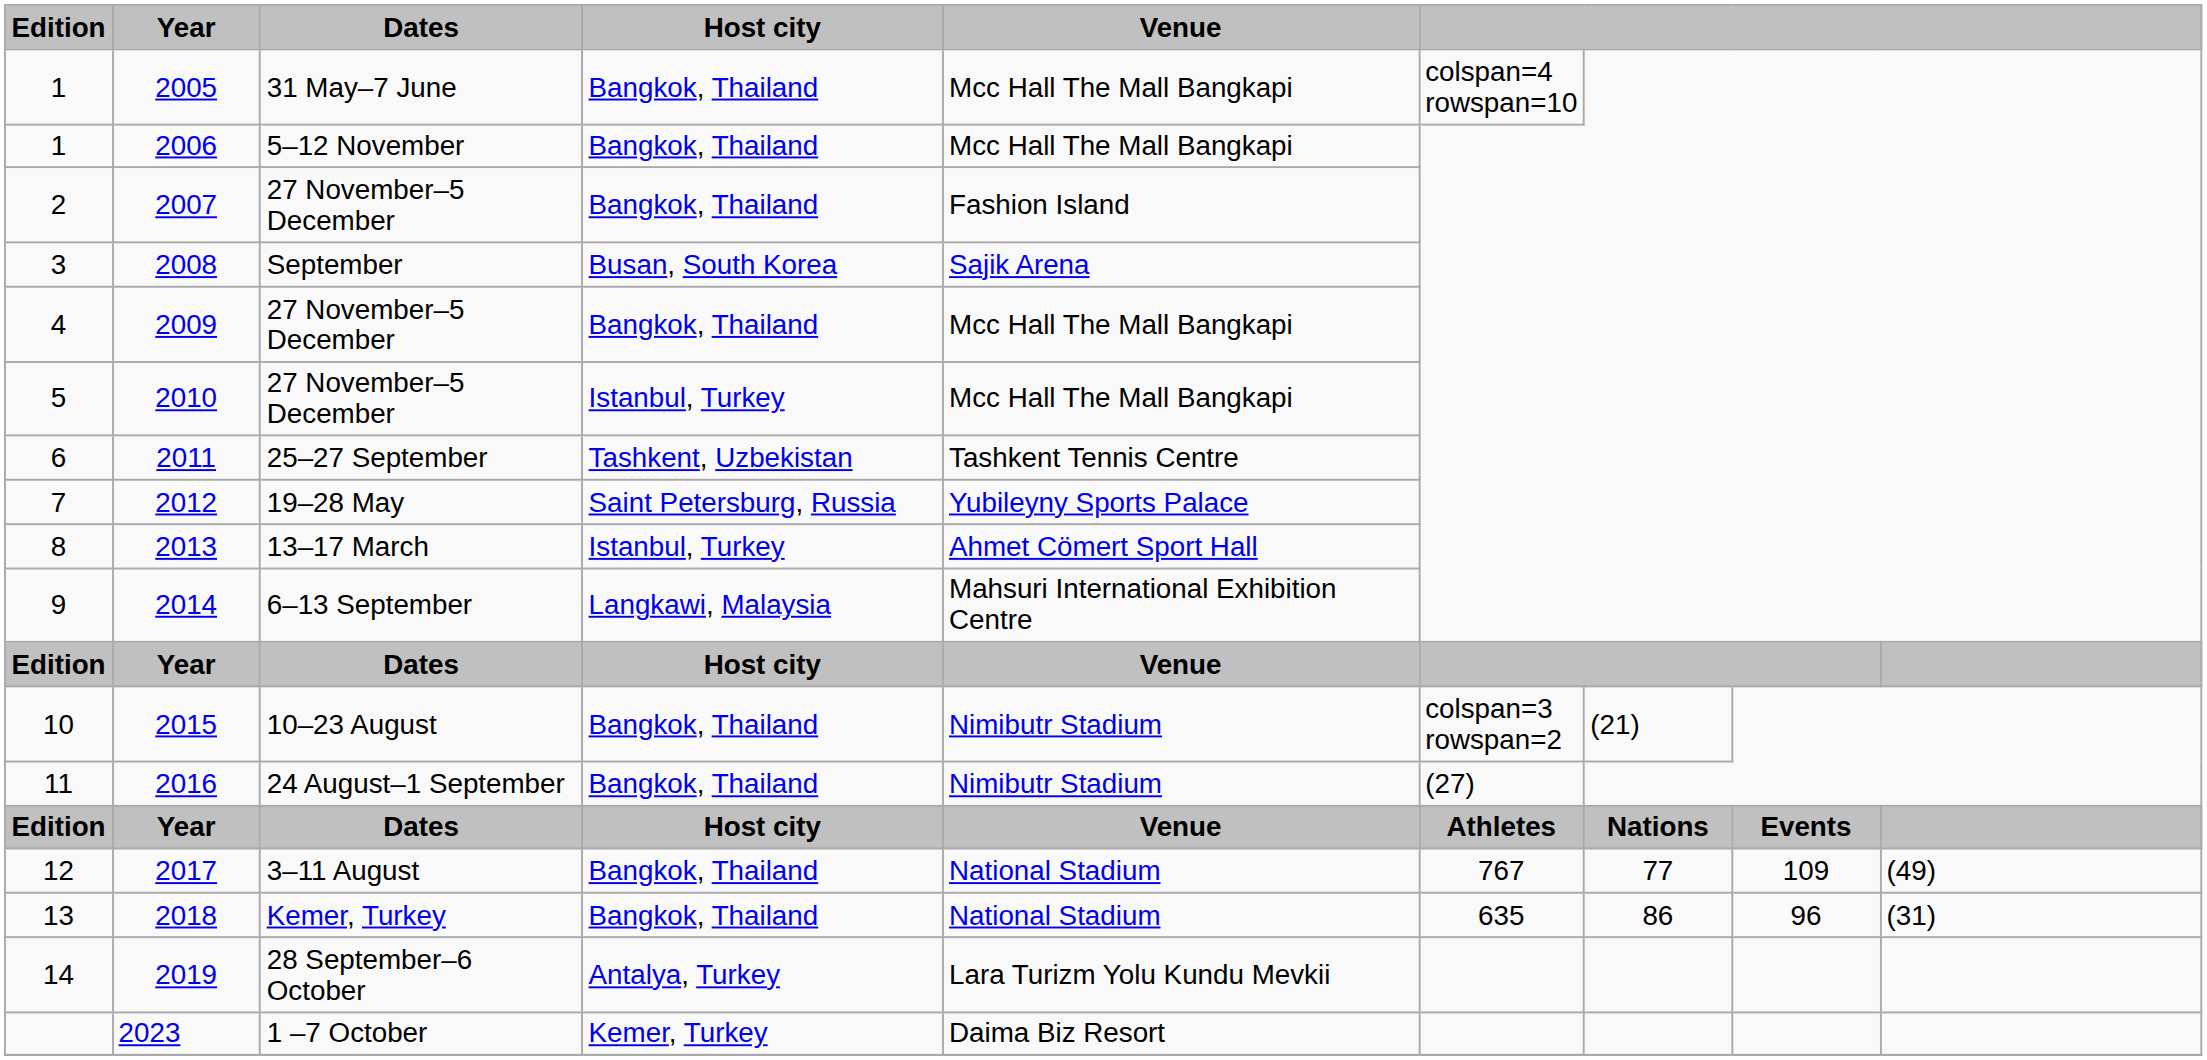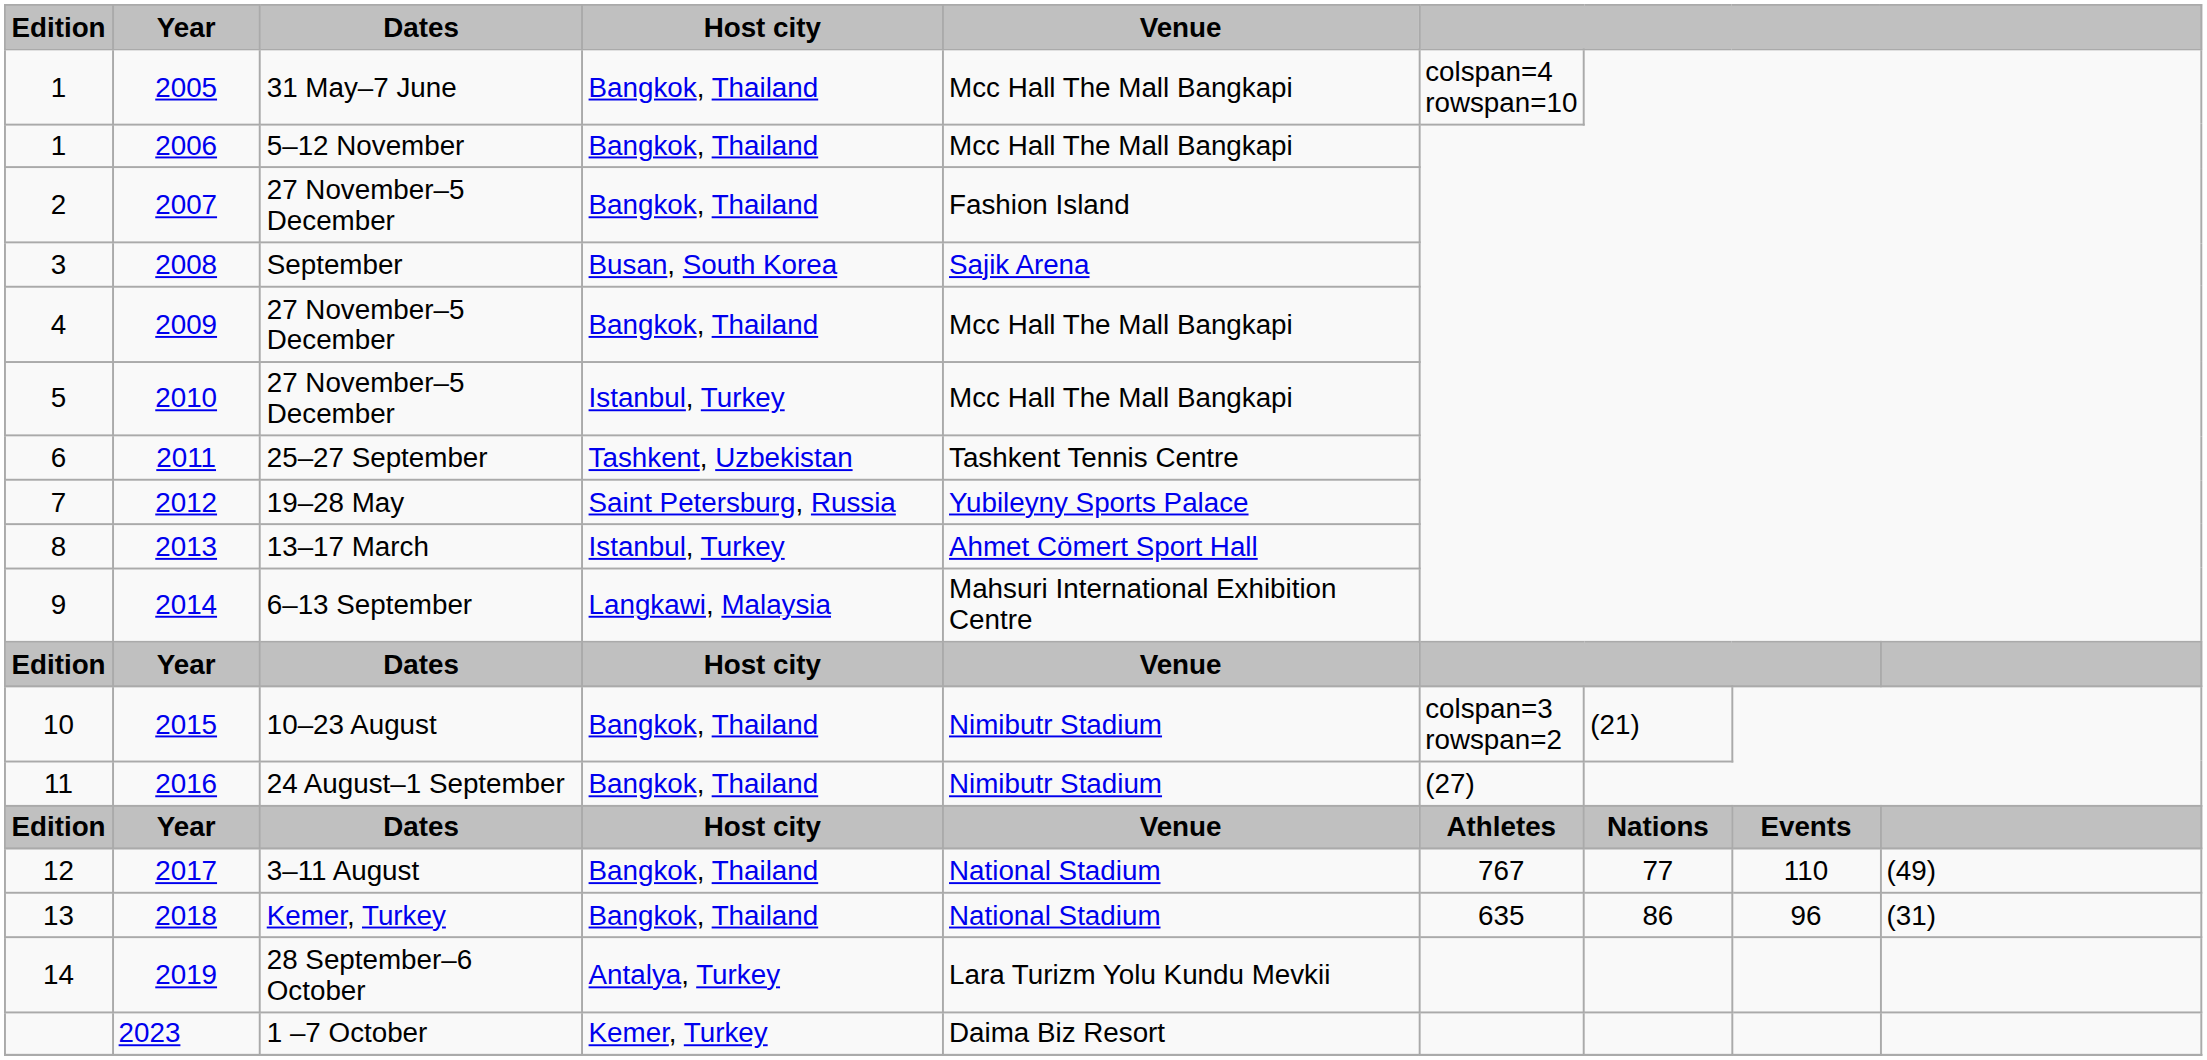 <table class=wikitable style="font-size:90%;">
 <tr>
 <th style="width: 30px; background-color:#C0C0C0">Edition</th>
 <th style="width: 70px; background-color:#C0C0C0">Year</th>
 <th style="width: 160px; background-color:#C0C0C0">Dates</th>
 <th style="width: 180px; background-color:#C0C0C0">Host city</th>
 <th style="width: 240px; background-color:#C0C0C0">Venue</th>
 <th colspan=4 style="background-color:#C0C0C0"></th>
 </tr>
 <tr>
 <td align=center>1</td>
 <td style="text-align:center"><a href='#'>2005</a></td>
 <td>31 May–7 June</td>
 <td> <a href='#'>Bangkok</a>, <a href='#'>Thailand</a></td>
 <td>Mcc Hall The Mall Bangkapi</td>
 <td>colspan=4 rowspan=10 </td>
 </tr>
 <tr>
 <td align=center>1</td>
 <td style="text-align:center"><a href='#'>2006</a></td>
 <td>5–12 November</td>
 <td> <a href='#'>Bangkok</a>, <a href='#'>Thailand</a></td>
 <td>Mcc Hall The Mall Bangkapi</td>
 </tr>
 <tr>
 <td align=center>2</td>
 <td style="text-align:center"><a href='#'>2007</a></td>
 <td>27 November–5 December</td>
 <td> <a href='#'>Bangkok</a>, <a href='#'>Thailand</a></td>
 <td>Fashion Island</td>
 </tr>
 <tr>
 <td align=center>3</td>
 <td style="text-align:center"><a href='#'>2008</a></td>
 <td>September</td>
 <td> <a href='#'>Busan</a>, <a href='#'>South Korea</a></td>
 <td><a href='#'>Sajik Arena</a></td>
 </tr>
 <tr>
 <td align=center>4</td>
 <td style="text-align:center"><a href='#'>2009</a></td>
 <td>27 November–5 December</td>
 <td> <a href='#'>Bangkok</a>, <a href='#'>Thailand</a></td>
 <td>Mcc Hall The Mall Bangkapi</td>
 </tr>
 <tr>
 <td align=center>5</td>
 <td style="text-align:center"><a href='#'>2010</a></td>
 <td>27 November–5 December</td>
 <td> <a href='#'>Istanbul</a>, <a href='#'>Turkey</a></td>
 <td>Mcc Hall The Mall Bangkapi</td>
 </tr>
 <tr>
 <td align=center>6</td>
 <td style="text-align:center"><a href='#'>2011</a></td>
 <td>25–27 September</td>
 <td> <a href='#'>Tashkent</a>, <a href='#'>Uzbekistan</a></td>
 <td>Tashkent Tennis Centre</td>
 </tr>
 <tr>
 <td align=center>7</td>
 <td style="text-align:center"><a href='#'>2012</a></td>
 <td>19–28 May</td>
 <td> <a href='#'>Saint Petersburg</a>, <a href='#'>Russia</a></td>
 <td><a href='#'>Yubileyny Sports Palace</a></td>
 </tr>
 <tr>
 <td align=center>8</td>
 <td style="text-align:center"><a href='#'>2013</a></td>
 <td>13–17 March</td>
 <td> <a href='#'>Istanbul</a>, <a href='#'>Turkey</a></td>
 <td><a href='#'>Ahmet Cömert Sport Hall</a></td>
 </tr>
 <tr>
 <td align=center>9</td>
 <td style="text-align:center"><a href='#'>2014</a></td>
 <td>6–13 September</td>
 <td> <a href='#'>Langkawi</a>, <a href='#'>Malaysia</a></td>
 <td>Mahsuri International Exhibition Centre</td>
 </tr>
 <tr>
 <th style="width: 30px; background-color:#C0C0C0">Edition</th>
 <th style="width: 70px; background-color:#C0C0C0">Year</th>
 <th style="width: 160px; background-color:#C0C0C0">Dates</th>
 <th style="width: 180px; background-color:#C0C0C0">Host city</th>
 <th style="width: 240px; background-color:#C0C0C0">Venue</th>
 <th colspan=3 style="width: 70px; background-color:#C0C0C0"></th>
 <th style="width: 160px; background-color:#C0C0C0"></th>
 </tr>
 <tr>
 <td align=center>10</td>
 <td style="text-align:center"><a href='#'>2015</a></td>
 <td>10–23 August</td>
 <td> <a href='#'>Bangkok</a>, <a href='#'>Thailand</a></td>
 <td><a href='#'>Nimibutr Stadium</a></td>
 <td>colspan=3 rowspan=2 </td>
 <td> (21)</td>
 </tr>
 <tr>
 <td align=center>11</td>
 <td style="text-align:center"><a href='#'>2016</a></td>
 <td>24 August–1 September</td>
 <td> <a href='#'>Bangkok</a>, <a href='#'>Thailand</a></td>
 <td><a href='#'>Nimibutr Stadium</a></td>
 <td> (27)</td>
 </tr>
 <tr>
 <th style="width: 30px; background-color:#C0C0C0">Edition</th>
 <th style="width: 70px; background-color:#C0C0C0">Year</th>
 <th style="width: 160px; background-color:#C0C0C0">Dates</th>
 <th style="width: 180px; background-color:#C0C0C0">Host city</th>
 <th style="width: 240px; background-color:#C0C0C0">Venue</th>
 <th style="width: 70px; background-color:#C0C0C0">Athletes</th>
 <th style="width: 70px; background-color:#C0C0C0">Nations</th>
 <th style="width: 70px; background-color:#C0C0C0">Events</th>
 <th style="width: 160px; background-color:#C0C0C0"></th>
 </tr>
 <tr>
 <td align=center>12</td>
 <td style="text-align:center"><a href='#'>2017</a></td>
 <td>3–11 August</td>
 <td> <a href='#'>Bangkok</a>, <a href='#'>Thailand</a></td>
 <td><a href='#'>National Stadium</a></td>
 <td style="text-align:center">767</td>
 <td style="text-align:center">77</td>
-<td style="text-align:center">109</td>
+<td style="text-align:center">110</td>
 <td> (49)</td>
 </tr>
 <tr>
 <td align=center>13</td>
 <td style="text-align:center"><a href='#'>2018</a></td>
 <td> <a href='#'>Kemer</a>, <a href='#'>Turkey</a></td>
 <td> <a href='#'>Bangkok</a>, <a href='#'>Thailand</a></td>
 <td><a href='#'>National Stadium</a></td>
 <td style="text-align:center">635</td>
 <td style="text-align:center">86</td>
 <td style="text-align:center">96</td>
 <td> (31)</td>
 </tr>
 <tr>
 <td align=center>14</td>
 <td style="text-align:center"><a href='#'>2019</a></td>
 <td>28 September–6 October</td>
 <td> <a href='#'>Antalya</a>, <a href='#'>Turkey</a></td>
 <td>Lara Turizm Yolu Kundu Mevkii</td>
 <td style="text-align:center"></td>
 <td style="text-align:center"></td>
 <td style="text-align:center"></td>
 <td></td>
 </tr>
 <tr>
 <td></td>
 <td><a href='#'>2023</a></td>
 <td>1 –7 October</td>
 <td> <a href='#'>Kemer</a>, <a href='#'>Turkey</a></td>
 <td>Daima Biz Resort</td>
 <td></td>
 <td></td>
 <td></td>
 <td></td>
 </tr>
 <tr>
 </tr>
 </table>
